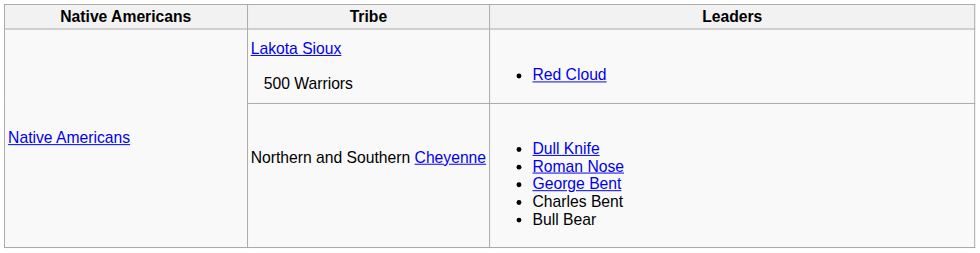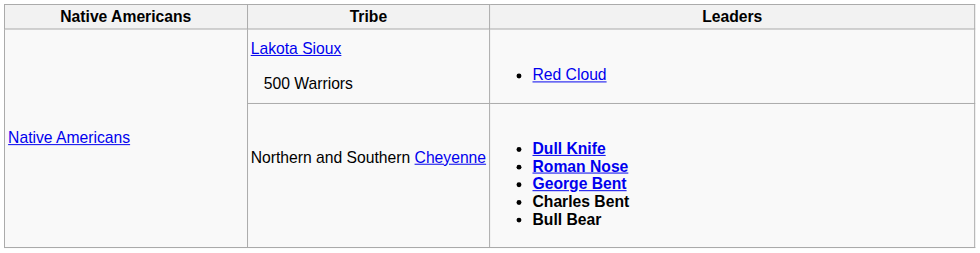 <table class="wikitable">
 <tr>
 <th width=25%>Native Americans</th>
 <th width=25%>Tribe</th>
 <th>Leaders</th>
 </tr>
 <tr>
 <td rowspan=2><br><a href='#'>Native Americans</a><br>    </td>
 <td><a href='#'>Lakota Sioux</a><br><br>   500 Warriors</td>
 <td><br><ul><li><a href='#'>Red Cloud</a></li></ul></td>
 </tr>
 <tr>
 <td>Northern and Southern <a href='#'>Cheyenne</a><br><br>  </td>
-<td><br><ul><li><a href='#'>Dull Knife</a></li><li><a href='#'>Roman Nose</a></li><li><a href='#'>George Bent</a></li><li>Charles Bent</li><li>Bull Bear</li></ul></td>
+<td><strong><br><ul><li><a href='#'>Dull Knife</a></li><li><a href='#'>Roman Nose</a></li><li><a href='#'>George Bent</a></li><li>Charles Bent</li><li>Bull Bear</li></ul></strong></td>
 </tr>
 <tr>
 </tr>
 </table>
